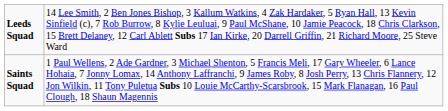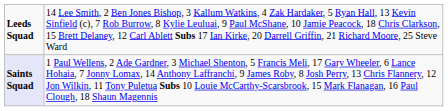 <table class="wikitable" style="font-size:85%;">
 <tr>
 <td><strong>Leeds Squad</strong></td>
 <td>14 <a href='#'>Lee Smith</a>, 2 <a href='#'>Ben Jones Bishop</a>, 3 <a href='#'>Kallum Watkins</a>, 4 <a href='#'>Zak Hardaker</a>, 5 <a href='#'>Ryan Hall</a>, 13 <a href='#'>Kevin Sinfield</a> (c), 7 <a href='#'>Rob Burrow</a>, 8 <a href='#'>Kylie Leuluai</a>, 9 <a href='#'>Paul McShane</a>, 10 <a href='#'>Jamie Peacock</a>, 18 <a href='#'>Chris Clarkson</a>, 15 <a href='#'>Brett Delaney</a>, 12 <a href='#'>Carl Ablett</a> <strong>Subs</strong> 17 <a href='#'>Ian Kirke</a>, 20 <a href='#'>Darrell Griffin</a>, 21 <a href='#'>Richard Moore</a>, 25 Steve Ward</td>
 </tr>
 <tr>
-<td><strong>Saints Squad</strong></td>
+<td style="background: lavender;"><strong>Saints Squad</strong></td>
 <td>1 <a href='#'>Paul Wellens</a>, 2 <a href='#'>Ade Gardner</a>, 3 <a href='#'>Michael Shenton</a>, 5 <a href='#'>Francis Meli</a>, 17 <a href='#'>Gary Wheeler</a>, 6 <a href='#'>Lance Hohaia</a>, 7 <a href='#'>Jonny Lomax</a>, 14 <a href='#'>Anthony Laffranchi</a>, 9 <a href='#'>James Roby</a>, 8 <a href='#'>Josh Perry</a>, 13 <a href='#'>Chris Flannery</a>, 12 <a href='#'>Jon Wilkin</a>, 11 <a href='#'>Tony Puletua</a> <strong>Subs</strong> 10 <a href='#'>Louie McCarthy-Scarsbrook</a>, 15 <a href='#'>Mark Flanagan</a>, 16 <a href='#'>Paul Clough</a>, 18 <a href='#'>Shaun Magennis</a></td>
 </tr>
 </table>
